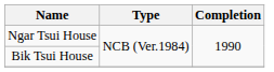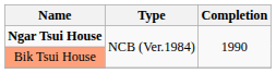 <table class="wikitable" style="text-align: center">
 <tr>
 <th>Name</th>
 <th>Type</th>
 <th>Completion</th>
 </tr>
 <tr>
-<td>Ngar Tsui House</td>
+<td><strong>Ngar Tsui House</strong></td>
 <td rowspan="2">NCB (Ver.1984)</td>
 <td rowspan="2">1990</td>
 </tr>
 <tr>
-<td>Bik Tsui House</td>
+<td style="background: lightsalmon;">Bik Tsui House</td>
 </tr>
 <tr>
 </tr>
 </table>
